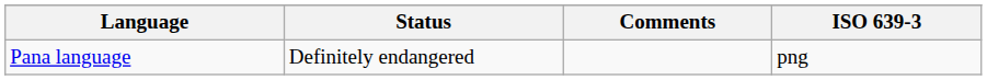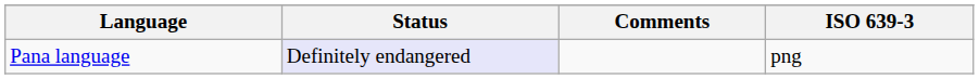 <table class="wikitable" style="margin:auto; font-size:90%;">
 <tr>
 </tr>
 <tr>
 <th style="width:20%;">Language</th>
 <th style="width:20%;">Status</th>
 <th style="width:15%;">Comments</th>
 <th style="width:15%;">ISO 639-3</th>
 </tr>
 <tr>
 <td><a href='#'>Pana language</a></td>
-<td>Definitely endangered</td>
+<td style="background: lavender;">Definitely endangered</td>
 <td> </td>
 <td>png</td>
 </tr>
 </table>
